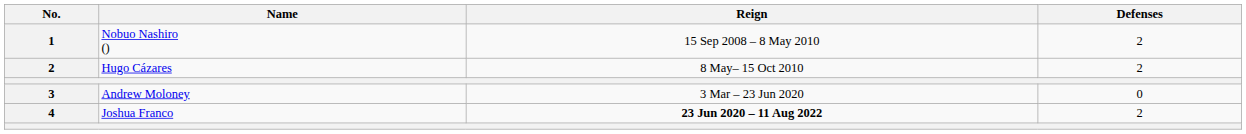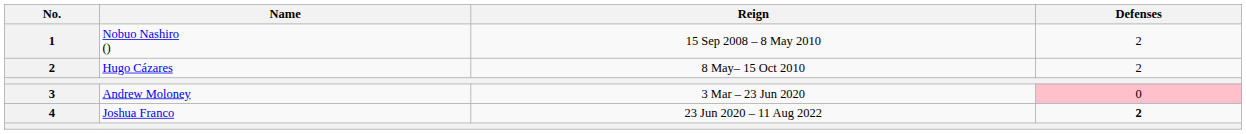 <table class="wikitable sortable" style="width:80%">
 <tr>
 <th>No.</th>
 <th>Name</th>
 <th>Reign</th>
 <th>Defenses</th>
 </tr>
 <tr align=center>
 <th>1</th>
 <td align=left><a href='#'>Nobuo Nashiro</a><br>()</td>
 <td>15 Sep 2008 – 8 May 2010</td>
 <td>2</td>
 </tr>
 <tr align=center>
 <th>2</th>
 <td align=left><a href='#'>Hugo Cázares</a></td>
 <td>8 May– 15 Oct 2010</td>
 <td>2</td>
 </tr>
 <tr align=center>
 <th colspan=4></th>
 </tr>
 <tr align=center>
 <th>3</th>
 <td align=left><a href='#'>Andrew Moloney</a><br></td>
 <td>3 Mar – 23 Jun 2020</td>
-<td>0</td>
+<td style="background: pink;">0</td>
 </tr>
 <tr align=center>
 <th>4</th>
 <td align=left><a href='#'>Joshua Franco</a></td>
-<td><strong>23 Jun 2020 – 11 Aug 2022</strong></td>
-<td>2</td>
+<td>23 Jun 2020 – 11 Aug 2022</td>
+<td><strong>2</strong></td>
 </tr>
 <tr align=center>
 <th colspan=4></th>
 </tr>
 </table>
